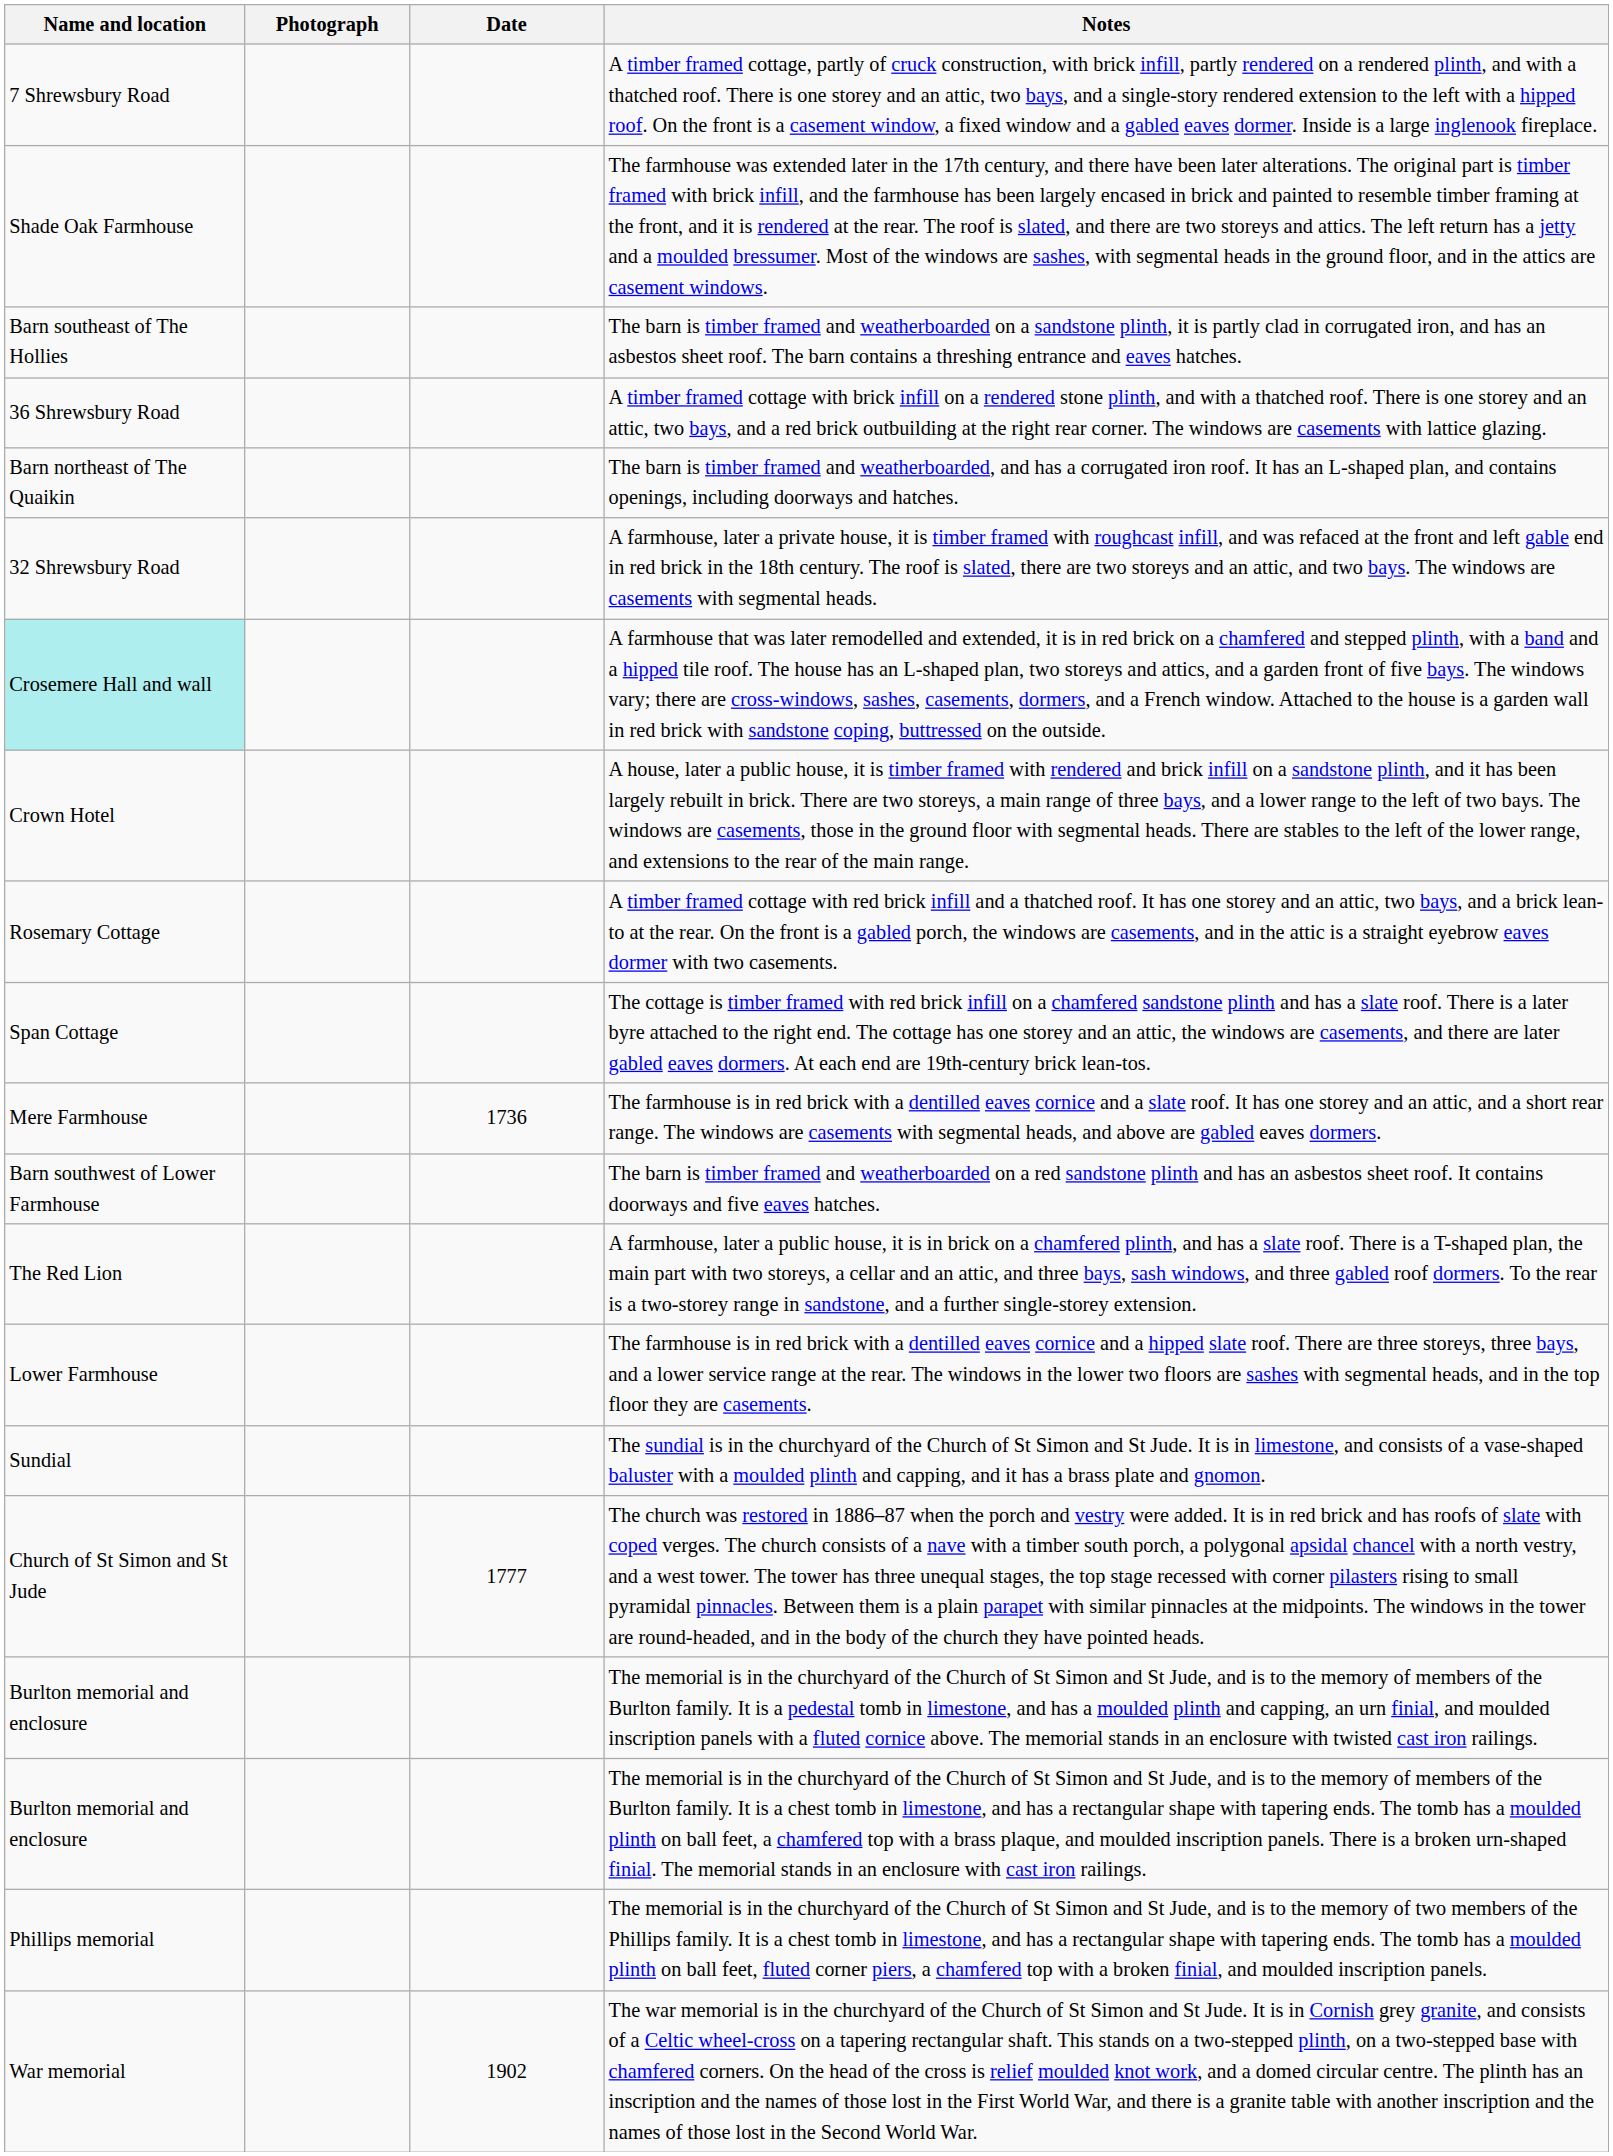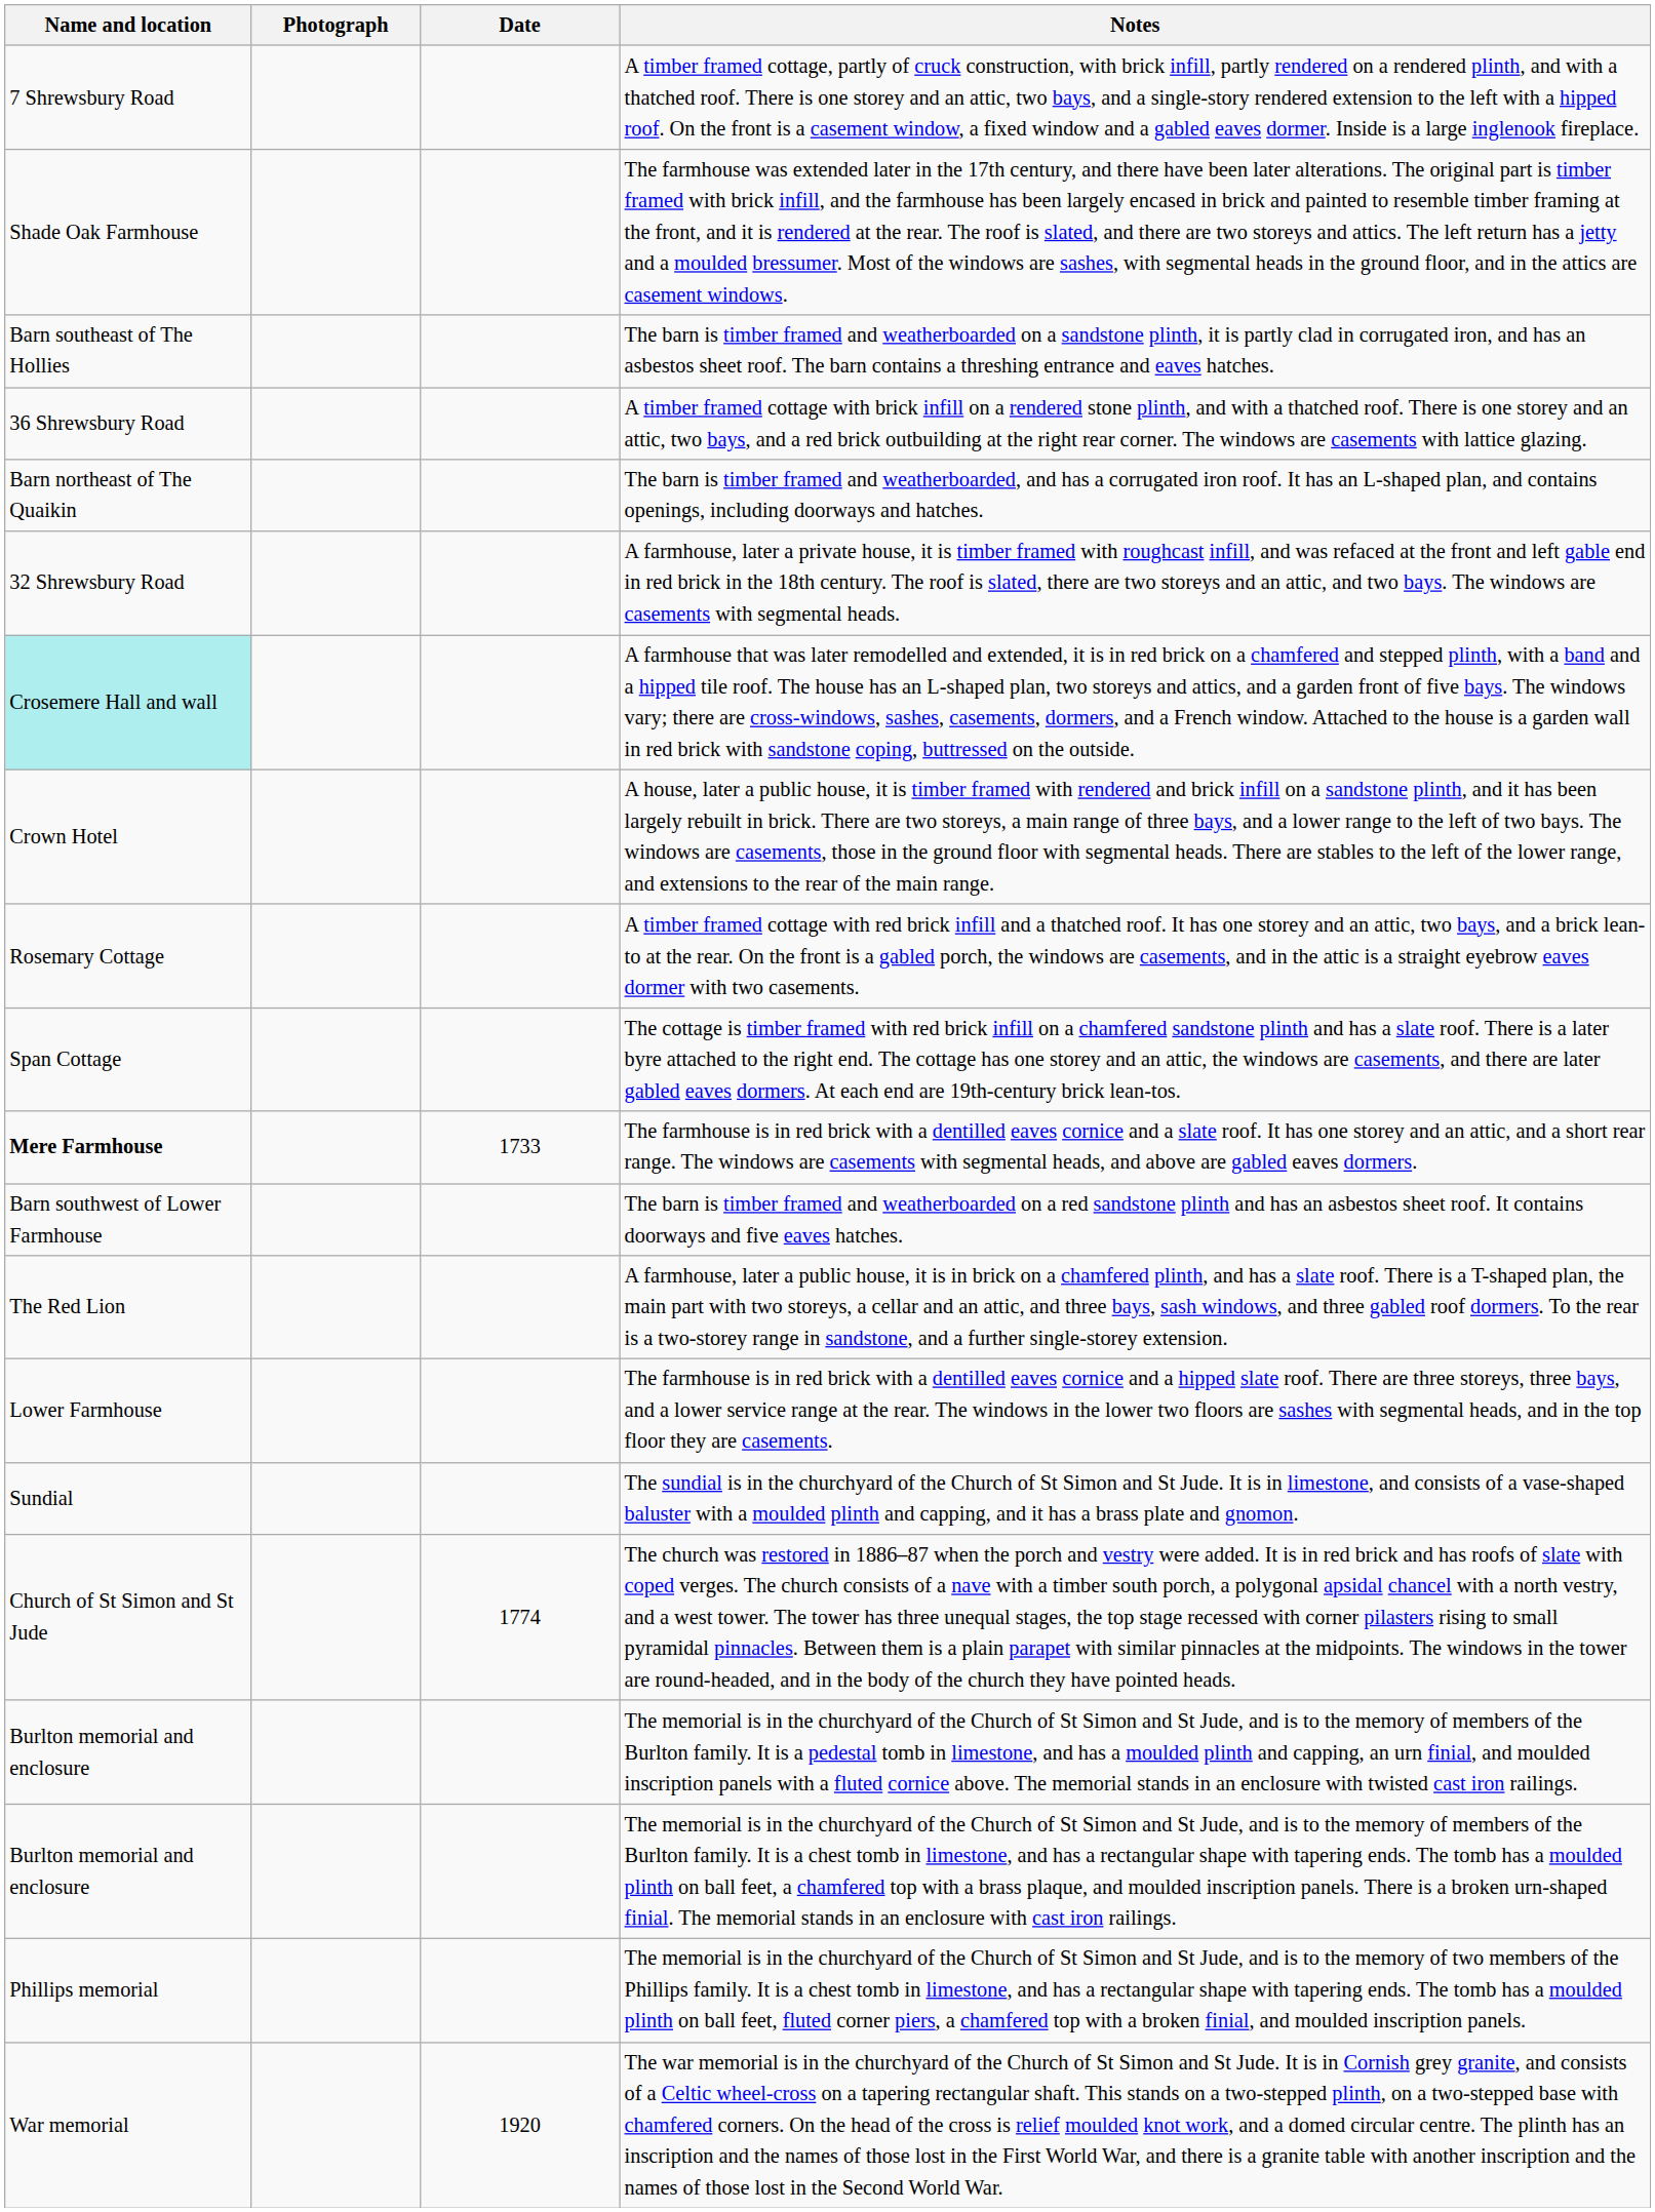 <table class="wikitable sortable plainrowheaders" style="width:100%;border:0px;text-align:left;line-height:150%;">
 <tr>
 <th scope="col"  style="width:150px">Name and location</th>
 <th scope="col"  style="width:100px" class="unsortable">Photograph</th>
 <th scope="col"  style="width:120px">Date</th>
 <th scope="col"  style="width:650px" class="unsortable">Notes</th>
 </tr>
 <tr>
 <td>7 Shrewsbury Road<br><small></small></td>
 <td></td>
 <td align="center"></td>
 <td>A <a href='#'>timber framed</a> cottage, partly of <a href='#'>cruck</a> construction, with brick <a href='#'>infill</a>, partly <a href='#'>rendered</a> on a rendered <a href='#'>plinth</a>, and with a thatched roof.  There is one storey and an attic, two <a href='#'>bays</a>, and a single-story rendered extension to the left with a <a href='#'>hipped roof</a>.  On the front is a <a href='#'>casement window</a>, a fixed window and a <a href='#'>gabled</a> <a href='#'>eaves</a> <a href='#'>dormer</a>.  Inside is a large <a href='#'>inglenook</a> fireplace.</td>
 </tr>
 <tr>
 <td>Shade Oak Farmhouse<br><small></small></td>
 <td></td>
 <td align="center"></td>
 <td>The farmhouse was extended later in the 17th century, and there have been later alterations.  The original part is <a href='#'>timber framed</a> with brick <a href='#'>infill</a>, and the farmhouse has been largely encased in brick and painted to resemble timber framing at the front, and it is <a href='#'>rendered</a> at the rear.  The roof is <a href='#'>slated</a>, and there are two storeys and attics.  The left return has a <a href='#'>jetty</a> and a <a href='#'>moulded</a> <a href='#'>bressumer</a>.  Most of the windows are <a href='#'>sashes</a>, with segmental heads in the ground floor, and in the attics are <a href='#'>casement windows</a>.</td>
 </tr>
 <tr>
 <td>Barn southeast of The Hollies<br><small></small></td>
 <td></td>
 <td align="center"></td>
 <td>The barn is <a href='#'>timber framed</a> and <a href='#'>weatherboarded</a> on a <a href='#'>sandstone</a> <a href='#'>plinth</a>, it is partly clad in corrugated iron, and has an asbestos sheet roof.  The barn contains a threshing entrance and <a href='#'>eaves</a> hatches.</td>
 </tr>
 <tr>
 <td>36 Shrewsbury Road<br><small></small></td>
 <td></td>
 <td align="center"></td>
 <td>A <a href='#'>timber framed</a> cottage with brick <a href='#'>infill</a> on a <a href='#'>rendered</a> stone <a href='#'>plinth</a>, and with a thatched roof.  There is one storey and an attic, two <a href='#'>bays</a>, and a red brick outbuilding at the right rear corner.  The windows are <a href='#'>casements</a> with lattice glazing.</td>
 </tr>
 <tr>
 <td>Barn northeast of The Quaikin<br><small></small></td>
 <td></td>
 <td align="center"></td>
 <td>The barn is <a href='#'>timber framed</a> and <a href='#'>weatherboarded</a>, and has a corrugated iron roof.  It has an L-shaped plan, and contains openings, including doorways and hatches.</td>
 </tr>
 <tr>
 <td>32 Shrewsbury Road<br><small></small></td>
 <td></td>
 <td align="center"></td>
 <td>A farmhouse, later a private house, it is <a href='#'>timber framed</a> with <a href='#'>roughcast</a> <a href='#'>infill</a>, and was refaced at the front and left <a href='#'>gable</a> end in red brick in the 18th century.  The roof is <a href='#'>slated</a>, there are two storeys and an attic, and two <a href='#'>bays</a>.  The windows are <a href='#'>casements</a> with segmental heads.</td>
 </tr>
 <tr>
 <td style="background: paleturquoise;">Crosemere Hall and wall<br><small></small></td>
 <td></td>
 <td align="center"></td>
 <td>A farmhouse that was later remodelled and extended, it is in red brick on a <a href='#'>chamfered</a> and stepped <a href='#'>plinth</a>, with a <a href='#'>band</a> and a <a href='#'>hipped</a> tile roof.  The house has an L-shaped plan, two storeys and attics, and a garden front of five <a href='#'>bays</a>.  The windows vary; there are <a href='#'>cross-windows</a>, <a href='#'>sashes</a>, <a href='#'>casements</a>, <a href='#'>dormers</a>, and a French window.  Attached to the house is a garden wall in red brick with <a href='#'>sandstone</a> <a href='#'>coping</a>, <a href='#'>buttressed</a> on the outside.</td>
 </tr>
 <tr>
 <td>Crown Hotel<br><small></small></td>
 <td></td>
 <td align="center"></td>
 <td>A house, later a public house, it is <a href='#'>timber framed</a> with <a href='#'>rendered</a> and brick <a href='#'>infill</a> on a <a href='#'>sandstone</a> <a href='#'>plinth</a>, and it has been largely rebuilt in brick.  There are two storeys, a main range of three <a href='#'>bays</a>, and a lower range to the left of two bays.  The windows are <a href='#'>casements</a>, those in the ground floor with segmental heads.  There are stables to the left of the lower range, and extensions to the rear of the main range.</td>
 </tr>
 <tr>
 <td>Rosemary Cottage<br><small></small></td>
 <td></td>
 <td align="center"></td>
 <td>A <a href='#'>timber framed</a> cottage with red brick <a href='#'>infill</a> and a thatched roof.  It has one storey and an attic, two <a href='#'>bays</a>, and a brick lean-to at the rear.  On the front is a <a href='#'>gabled</a> porch, the windows are <a href='#'>casements</a>, and in the attic is a straight eyebrow <a href='#'>eaves</a> <a href='#'>dormer</a> with two casements.</td>
 </tr>
 <tr>
 <td>Span Cottage<br><small></small></td>
 <td></td>
 <td align="center"></td>
 <td>The cottage is <a href='#'>timber framed</a> with red brick <a href='#'>infill</a> on a <a href='#'>chamfered</a> <a href='#'>sandstone</a> <a href='#'>plinth</a> and has a <a href='#'>slate</a> roof.  There is a later byre attached to the right end.  The cottage has one storey and an attic, the windows are <a href='#'>casements</a>, and there are later <a href='#'>gabled</a> <a href='#'>eaves</a> <a href='#'>dormers</a>.  At each end are 19th-century brick lean-tos.</td>
 </tr>
 <tr>
-<td>Mere Farmhouse<br><small></small></td>
+<td><strong>Mere Farmhouse<br><small></small></strong></td>
 <td></td>
-<td align="center">1736</td>
+<td align="center">1733</td>
 <td>The farmhouse is in red brick with a <a href='#'>dentilled</a> <a href='#'>eaves</a> <a href='#'>cornice</a> and a <a href='#'>slate</a> roof.  It has one storey and an attic, and a short rear range.  The windows are <a href='#'>casements</a> with segmental heads, and above are <a href='#'>gabled</a> eaves <a href='#'>dormers</a>.</td>
 </tr>
 <tr>
 <td>Barn southwest of Lower Farmhouse<br><small></small></td>
 <td></td>
 <td align="center"></td>
 <td>The barn is <a href='#'>timber framed</a> and <a href='#'>weatherboarded</a> on a red <a href='#'>sandstone</a> <a href='#'>plinth</a> and has an asbestos sheet roof.  It contains doorways and five <a href='#'>eaves</a> hatches.</td>
 </tr>
 <tr>
 <td>The Red Lion<br><small></small></td>
 <td></td>
 <td align="center"></td>
 <td>A farmhouse, later a public house, it is in brick on a <a href='#'>chamfered</a> <a href='#'>plinth</a>, and has a <a href='#'>slate</a> roof.  There is a T-shaped plan, the main part with two storeys, a cellar and an attic, and three <a href='#'>bays</a>, <a href='#'>sash windows</a>, and three <a href='#'>gabled</a> roof <a href='#'>dormers</a>.  To the rear is a two-storey range in <a href='#'>sandstone</a>, and a further single-storey extension.</td>
 </tr>
 <tr>
 <td>Lower Farmhouse<br><small></small></td>
 <td></td>
 <td align="center"></td>
 <td>The farmhouse is in red brick with a <a href='#'>dentilled</a> <a href='#'>eaves</a> <a href='#'>cornice</a> and a <a href='#'>hipped</a> <a href='#'>slate</a> roof.  There are three storeys, three <a href='#'>bays</a>, and a lower service range at the rear.  The windows in the lower two floors are <a href='#'>sashes</a> with segmental heads, and in the top floor they are <a href='#'>casements</a>.</td>
 </tr>
 <tr>
 <td>Sundial<br><small></small></td>
 <td></td>
 <td align="center"></td>
 <td>The <a href='#'>sundial</a> is in the churchyard of the Church of St Simon and St Jude.  It is in <a href='#'>limestone</a>, and consists of a vase-shaped <a href='#'>baluster</a> with a <a href='#'>moulded</a> <a href='#'>plinth</a> and capping, and it has a brass plate and <a href='#'>gnomon</a>.</td>
 </tr>
 <tr>
 <td>Church of St Simon and St Jude<br><small></small></td>
 <td></td>
-<td align="center">1777</td>
+<td align="center">1774</td>
 <td>The church was <a href='#'>restored</a> in 1886–87 when the porch and <a href='#'>vestry</a> were added.  It is in red brick and has roofs of <a href='#'>slate</a> with <a href='#'>coped</a> verges.  The church consists of a <a href='#'>nave</a> with a timber south porch, a polygonal <a href='#'>apsidal</a> <a href='#'>chancel</a> with a north vestry, and a west tower.  The tower has three unequal stages, the top stage recessed with corner <a href='#'>pilasters</a> rising to small pyramidal <a href='#'>pinnacles</a>.  Between them is a plain <a href='#'>parapet</a> with similar pinnacles at the midpoints.  The windows in the tower are round-headed, and in the body of the church they have pointed heads.</td>
 </tr>
 <tr>
 <td>Burlton memorial and enclosure<br><small></small></td>
 <td></td>
 <td align="center"></td>
 <td>The memorial is in the churchyard of the Church of St Simon and St Jude, and is to the memory of members of the Burlton family.  It is a <a href='#'>pedestal</a> tomb in <a href='#'>limestone</a>, and has a <a href='#'>moulded</a> <a href='#'>plinth</a> and capping, an urn <a href='#'>finial</a>, and moulded inscription panels with a <a href='#'>fluted</a> <a href='#'>cornice</a> above.  The memorial stands in an enclosure with twisted <a href='#'>cast iron</a> railings.</td>
 </tr>
 <tr>
 <td>Burlton memorial and enclosure<br><small></small></td>
 <td></td>
 <td align="center"></td>
 <td>The memorial is in the churchyard of the Church of St Simon and St Jude, and is to the memory of members of the Burlton family.  It is a chest tomb in <a href='#'>limestone</a>, and has a rectangular shape with tapering ends.  The tomb has a <a href='#'>moulded</a> <a href='#'>plinth</a> on ball feet, a <a href='#'>chamfered</a> top with a brass plaque, and moulded inscription panels.  There is a broken urn-shaped <a href='#'>finial</a>.  The memorial stands in an enclosure with <a href='#'>cast iron</a> railings.</td>
 </tr>
 <tr>
 <td>Phillips memorial<br><small></small></td>
 <td></td>
 <td align="center"></td>
 <td>The memorial is in the churchyard of the Church of St Simon and St Jude, and is to the memory of two members of the Phillips family.  It is a chest tomb in <a href='#'>limestone</a>, and has a rectangular shape with tapering ends.  The tomb has a <a href='#'>moulded</a> <a href='#'>plinth</a> on ball feet, <a href='#'>fluted</a> corner <a href='#'>piers</a>, a <a href='#'>chamfered</a> top with a broken <a href='#'>finial</a>, and moulded inscription panels.</td>
 </tr>
 <tr>
 <td>War memorial<br><small></small></td>
 <td></td>
-<td align="center">1902</td>
+<td align="center">1920</td>
 <td>The war memorial is in the churchyard of the Church of St Simon and St Jude.  It is in <a href='#'>Cornish</a> grey <a href='#'>granite</a>, and consists of a <a href='#'>Celtic wheel-cross</a> on a tapering rectangular shaft.  This stands on a two-stepped <a href='#'>plinth</a>, on a two-stepped base with <a href='#'>chamfered</a> corners.  On the head of the cross is <a href='#'>relief</a> <a href='#'>moulded</a> <a href='#'>knot work</a>, and a domed circular centre.  The plinth has an inscription and the names of those lost in the First World War, and there is a granite table with another inscription and the names of those lost in the Second World War.</td>
 </tr>
 <tr>
 </tr>
 </table>
